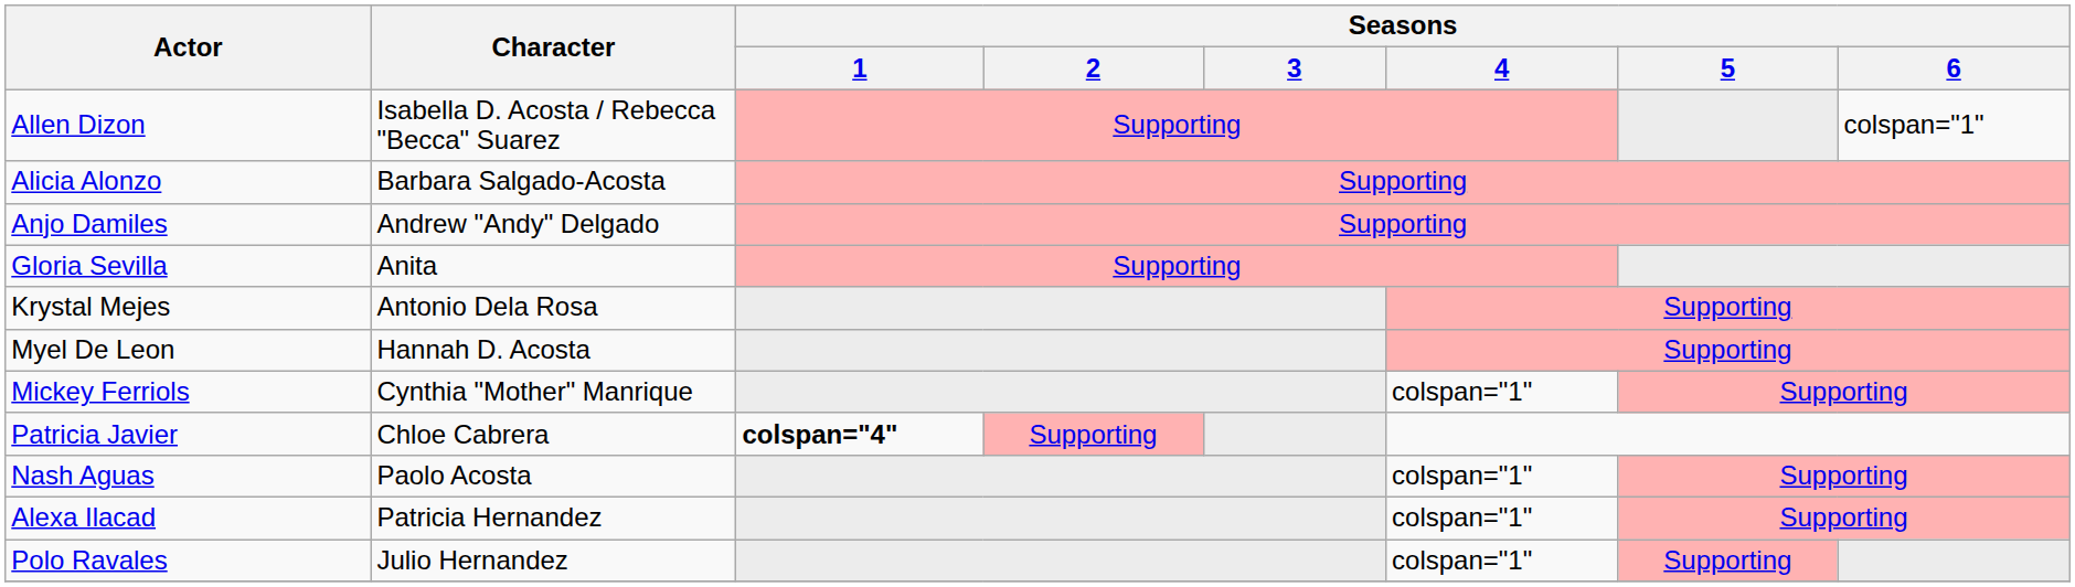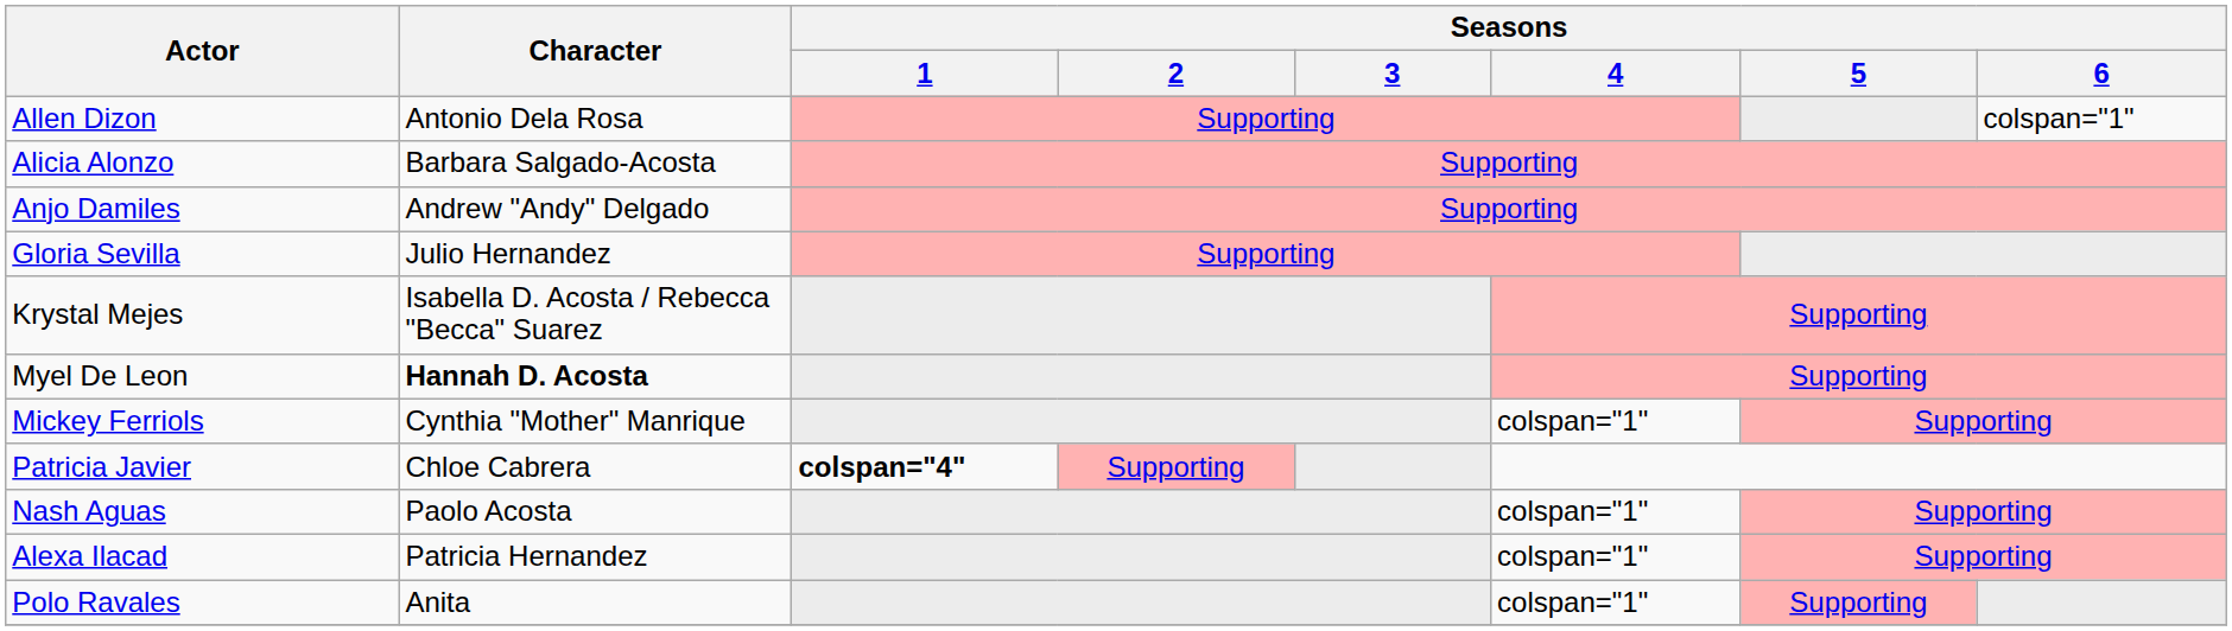 <table class="wikitable">
 <tr>
 <th style="width:10%;" rowspan="2">Actor</th>
 <th style="width:10%;" rowspan="2">Character</th>
 <th colspan="12">Seasons</th>
 </tr>
 <tr>
 <th style="width:5%;"><a href='#'>1</a></th>
 <th style="width:5%;"><a href='#'>2</a></th>
 <th style="width:5%;"><a href='#'>3</a></th>
 <th style="width:5%;"><a href='#'>4</a></th>
 <th style="width:5%;"><a href='#'>5</a></th>
 <th style="width:5%;"><a href='#'>6</a></th>
 </tr>
 <tr>
 <td><a href='#'>Allen Dizon</a></td>
-<td>Isabella D. Acosta / Rebecca "Becca" Suarez</td>
+<td>Antonio Dela Rosa</td>
 <td colspan="4" style="background: #ffb2b2"  align="center"><a href='#'>Supporting</a></td>
 <td colspan="1" style="background: #ececec; color: grey; vertical-align: middle; text-align: center; " class="table-na"></td>
 <td>colspan="1" </td>
 </tr>
 <tr>
 <td><a href='#'>Alicia Alonzo</a></td>
 <td>Barbara Salgado-Acosta</td>
 <td colspan="6" style="background: #ffb2b2"  align="center"><a href='#'>Supporting</a></td>
 </tr>
 <tr>
 <td><a href='#'>Anjo Damiles</a></td>
 <td>Andrew "Andy" Delgado</td>
 <td colspan="6" style="background: #ffb2b2" align="center"><a href='#'>Supporting</a></td>
 </tr>
 <tr>
 <td><a href='#'>Gloria Sevilla</a></td>
-<td>Anita</td>
+<td>Julio Hernandez</td>
 <td colspan="4" style="background: #ffb2b2" align="center"><a href='#'>Supporting</a></td>
 <td colspan="2" style="background: #ececec; color: grey; vertical-align: middle; text-align: center; " class="table-na"></td>
 </tr>
 <tr>
 <td>Krystal Mejes</td>
-<td>Antonio Dela Rosa</td>
+<td>Isabella D. Acosta / Rebecca "Becca" Suarez</td>
 <td colspan="3" style="background: #ececec; color: grey; vertical-align: middle; text-align: center; " class="table-na"></td>
 <td colspan="3" style="background: #ffb2b2" align="center"><a href='#'>Supporting</a></td>
 </tr>
 <tr>
 <td>Myel De Leon</td>
-<td>Hannah D. Acosta</td>
+<td><strong>Hannah D. Acosta</strong></td>
 <td colspan="3" style="background: #ececec; color: grey; vertical-align: middle; text-align: center; " class="table-na"></td>
 <td colspan="3" style="background: #ffb2b2" align="center"><a href='#'>Supporting</a></td>
 </tr>
 <tr>
 <td><a href='#'>Mickey Ferriols</a></td>
 <td>Cynthia "Mother" Manrique</td>
 <td colspan="3" style="background: #ececec; color: grey; vertical-align: middle; text-align: center; " class="table-na"></td>
 <td>colspan="1" </td>
 <td colspan="2" style="background: #ffb2b2" align="center"><a href='#'>Supporting</a></td>
 </tr>
 <tr>
 <td><a href='#'>Patricia Javier</a></td>
 <td>Chloe Cabrera</td>
 <td><strong>colspan="4" </strong></td>
 <td colspan="1" style="background: #ffb2b2"  align="center"><a href='#'>Supporting</a></td>
 <td colspan="1" style="background: #ececec; color: grey; vertical-align: middle; text-align: center; " class="table-na"></td>
 </tr>
 <tr>
 <td><a href='#'>Nash Aguas</a></td>
 <td>Paolo Acosta</td>
 <td colspan="3" style="background: #ececec; color: grey; vertical-align: middle; text-align: center; " class="table-na"></td>
 <td>colspan="1" </td>
 <td colspan="2" style="background: #ffb2b2"  align="center"><a href='#'>Supporting</a></td>
 </tr>
 <tr>
 <td><a href='#'>Alexa Ilacad</a></td>
 <td>Patricia Hernandez</td>
 <td colspan="3" style="background: #ececec; color: grey; vertical-align: middle; text-align: center; " class="table-na"></td>
 <td>colspan="1" </td>
 <td colspan="2" style="background: #ffb2b2"  align="center"><a href='#'>Supporting</a></td>
 </tr>
 <tr>
 <td><a href='#'>Polo Ravales</a></td>
-<td>Julio Hernandez</td>
+<td>Anita</td>
 <td colspan="3" style="background: #ececec; color: grey; vertical-align: middle; text-align: center; " class="table-na"></td>
 <td>colspan="1" </td>
 <td colspan="1" style="background: #ffb2b2" align="center"><a href='#'>Supporting</a></td>
 <td colspan="1" style="background: #ececec; color: grey; vertical-align: middle; text-align: center; " class="table-na"></td>
 </tr>
 <tr>
 </tr>
 </table>
